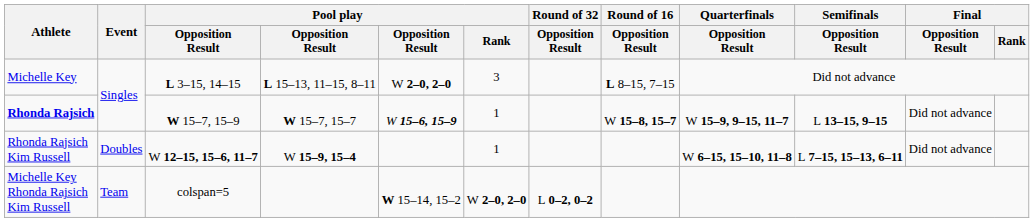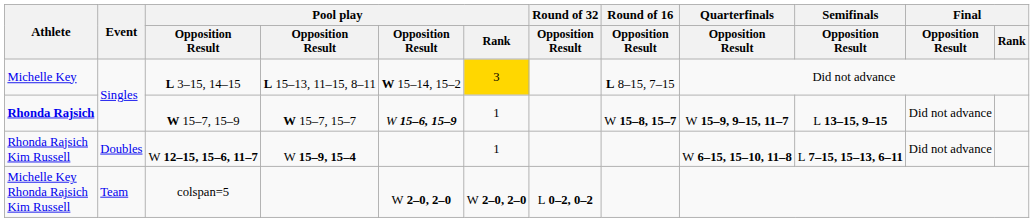 <table class=wikitable style="font-size:90%;">
 <tr>
 <th rowspan=2>Athlete</th>
 <th rowspan=2>Event</th>
 <th colspan=4>Pool play</th>
 <th>Round of 32</th>
 <th>Round of 16</th>
 <th>Quarterfinals</th>
 <th>Semifinals</th>
 <th colspan=2>Final</th>
 </tr>
 <tr style="font-size:95%">
 <th>Opposition<br>Result</th>
 <th>Opposition<br>Result</th>
 <th>Opposition<br>Result</th>
 <th>Rank</th>
 <th>Opposition<br>Result</th>
 <th>Opposition<br>Result</th>
 <th>Opposition<br>Result</th>
 <th>Opposition<br>Result</th>
 <th>Opposition<br>Result</th>
 <th>Rank</th>
 </tr>
 <tr align=center>
 <td align=left><a href='#'>Michelle Key</a></td>
 <td align=left rowspan=2><a href='#'>Singles</a></td>
 <td><br><strong>L</strong> 3–15, 14–15</td>
 <td><br><strong>L</strong> 15–13, 11–15, 8–11</td>
-<td><br></strong>W<strong> 2–0, 2–0</td>
-<td>3</td>
+<td><br><strong>W</strong> 15–14, 15–2</td>
+<td style="background: gold;">3</td>
 <td></td>
 <td><br><strong>L</strong> 8–15, 7–15</td>
 <td colspan=4>Did not advance</td>
 </tr>
 <tr align=center>
 <td align=left><strong><a href='#'>Rhonda Rajsich</a></strong></td>
 <td><br><strong>W</strong> 15–7, 15–9</td>
 <td><br><strong>W</strong> 15–7, 15–7</td>
 <td><br><em>W<strong> 15–6, 15–9</td>
 <td>1</td>
 <td></td>
 <td><br></strong>W<strong> 15–8, 15–7</td>
 <td><br></strong>W<strong> 15–9, 9–15, 11–7</td>
 <td><br></strong>L<strong> 13–15, 9–15</td>
 <td>Did not advance</td>
 <td></td>
 </tr>
 <tr align=center>
 <td align=left></strong><a href='#'>Rhonda Rajsich</a><br><a href='#'>Kim Russell</a><strong></td>
 <td align=left><a href='#'>Doubles</a></td>
 <td><br></strong>W<strong> 12–15, 15–6, 11–7</td>
 <td><br></strong>W<strong> 15–9, 15–4</td>
 <td></td>
 <td>1</td>
 <td></td>
 <td></td>
 <td><br></strong>W<strong> 6–15, 15–10, 11–8</td>
 <td><br></strong>L<strong> 7–15, 15–13, 6–11</td>
 <td>Did not advance</td>
 <td></td>
 </tr>
 <tr align=center>
 <td align=left></strong><a href='#'>Michelle Key</a><br><a href='#'>Rhonda Rajsich</a><br><a href='#'>Kim Russell</a><strong></td>
 <td align=left><a href='#'>Team</a></td>
 <td>colspan=5 </td>
 <td></td>
-<td><br><strong>W</strong> 15–14, 15–2</td>
+<td><br></strong>W<strong> 2–0, 2–0</td>
 <td><br></strong>W<strong> 2–0, 2–0</td>
 <td><br></strong>L<strong> 0–2, 0–2</td>
 <td></td>
 </tr>
 </table>
